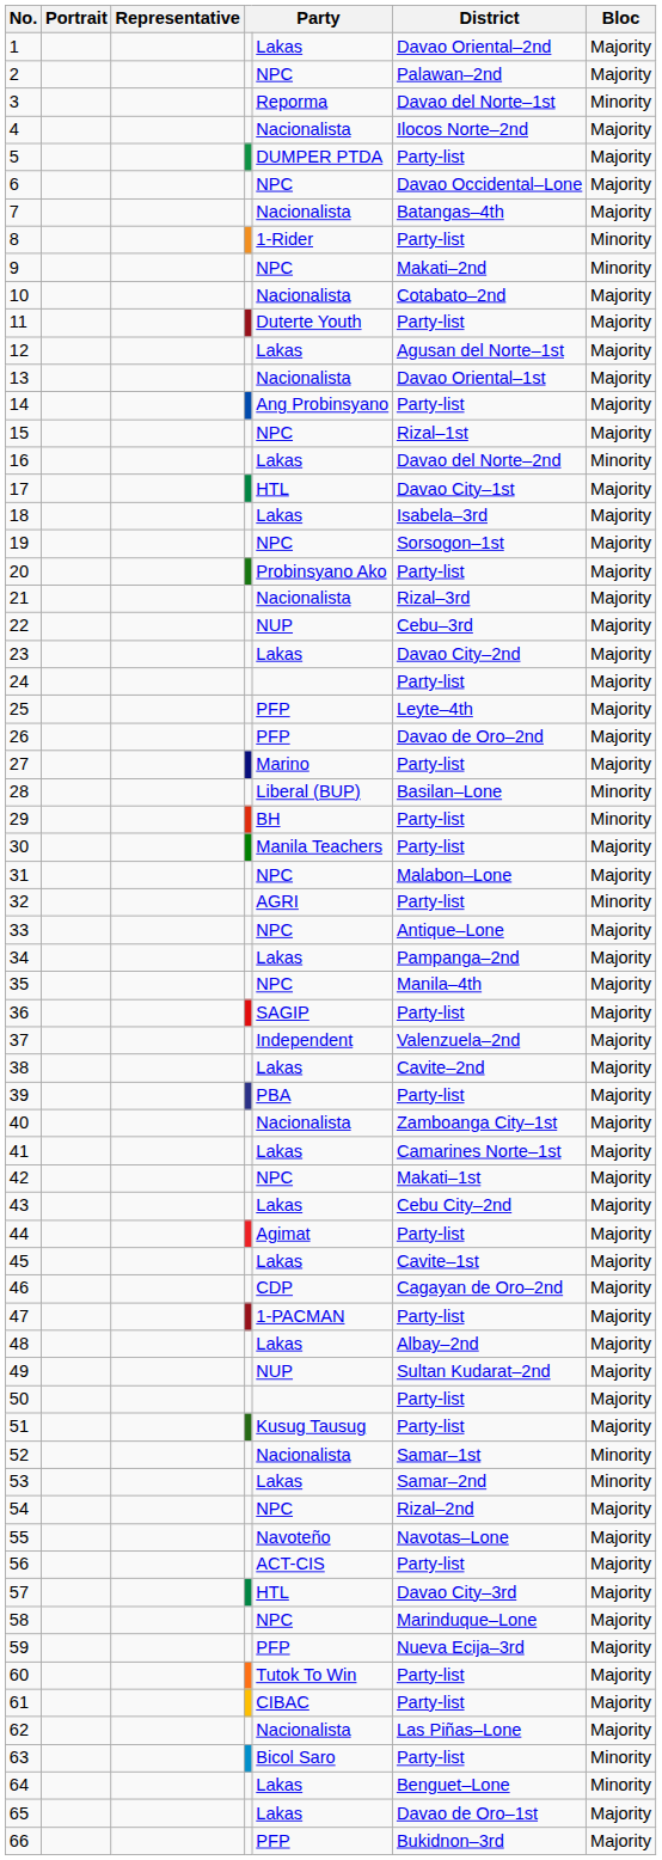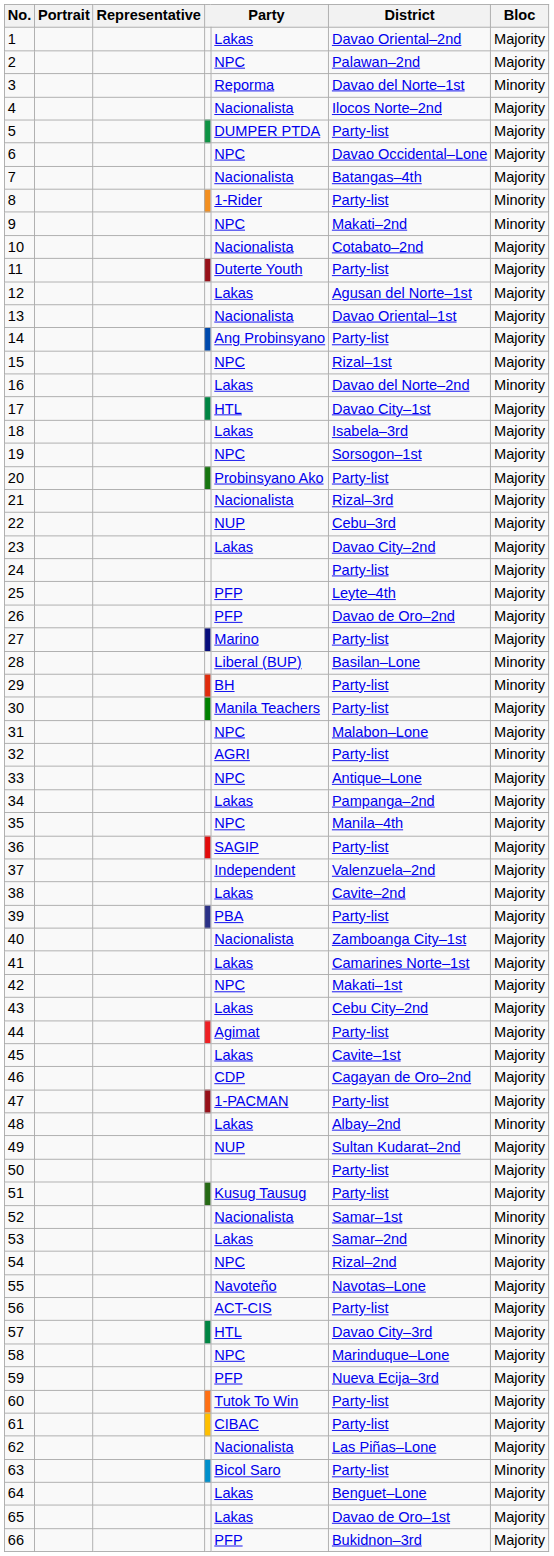 <table class="wikitable sortable mw-collapsible mw-collapsed">
 <tr>
 <th>No.</th>
 <th>Portrait</th>
 <th>Representative</th>
 <th colspan="2">Party</th>
 <th>District</th>
 <th>Bloc</th>
 </tr>
 <tr>
 <td>1</td>
 <td></td>
 <td></td>
 <td></td>
 <td><a href='#'>Lakas</a></td>
 <td><a href='#'>Davao Oriental–2nd</a></td>
 <td>Majority</td>
 </tr>
 <tr>
 <td>2</td>
 <td></td>
 <td></td>
 <td></td>
 <td><a href='#'>NPC</a></td>
 <td><a href='#'>Palawan–2nd</a></td>
 <td>Majority</td>
 </tr>
 <tr>
 <td>3</td>
 <td></td>
 <td></td>
 <td></td>
 <td><a href='#'>Reporma</a></td>
 <td><a href='#'>Davao del Norte–1st</a></td>
 <td>Minority</td>
 </tr>
 <tr>
 <td>4</td>
 <td></td>
 <td></td>
 <td></td>
 <td><a href='#'>Nacionalista</a></td>
 <td><a href='#'>Ilocos Norte–2nd</a></td>
 <td>Majority</td>
 </tr>
 <tr>
 <td>5</td>
 <td></td>
 <td></td>
 <td bgcolor="#0E9344"></td>
 <td><a href='#'>DUMPER PTDA</a></td>
 <td><a href='#'>Party-list</a></td>
 <td>Majority</td>
 </tr>
 <tr>
 <td>6</td>
 <td></td>
 <td></td>
 <td></td>
 <td><a href='#'>NPC</a></td>
 <td><a href='#'>Davao Occidental–Lone</a></td>
 <td>Majority</td>
 </tr>
 <tr>
 <td>7</td>
 <td></td>
 <td></td>
 <td></td>
 <td><a href='#'>Nacionalista</a></td>
 <td><a href='#'>Batangas–4th</a></td>
 <td>Majority</td>
 </tr>
 <tr>
 <td>8</td>
 <td></td>
 <td></td>
 <td bgcolor="#F38F1F"></td>
 <td><a href='#'>1-Rider</a></td>
 <td><a href='#'>Party-list</a></td>
 <td>Minority</td>
 </tr>
 <tr>
 <td>9</td>
 <td></td>
 <td></td>
 <td></td>
 <td><a href='#'>NPC</a></td>
 <td><a href='#'>Makati–2nd</a></td>
 <td>Minority</td>
 </tr>
 <tr>
 <td>10</td>
 <td></td>
 <td></td>
 <td></td>
 <td><a href='#'>Nacionalista</a></td>
 <td><a href='#'>Cotabato–2nd</a></td>
 <td>Majority</td>
 </tr>
 <tr>
 <td>11</td>
 <td></td>
 <td></td>
 <td bgcolor="#97111A"></td>
 <td><a href='#'>Duterte Youth</a></td>
 <td><a href='#'>Party-list</a></td>
 <td>Majority</td>
 </tr>
 <tr>
 <td>12</td>
 <td></td>
 <td></td>
 <td></td>
 <td><a href='#'>Lakas</a></td>
 <td><a href='#'>Agusan del Norte–1st</a></td>
 <td>Majority</td>
 </tr>
 <tr>
 <td>13</td>
 <td></td>
 <td></td>
 <td></td>
 <td><a href='#'>Nacionalista</a></td>
 <td><a href='#'>Davao Oriental–1st</a></td>
 <td>Majority</td>
 </tr>
 <tr>
 <td>14</td>
 <td></td>
 <td></td>
 <td bgcolor="#004aad"></td>
 <td><a href='#'>Ang Probinsyano</a></td>
 <td><a href='#'>Party-list</a></td>
 <td>Majority</td>
 </tr>
 <tr>
 <td>15</td>
 <td></td>
 <td></td>
 <td></td>
 <td><a href='#'>NPC</a></td>
 <td><a href='#'>Rizal–1st</a></td>
 <td>Majority</td>
 </tr>
 <tr>
 <td>16</td>
 <td></td>
 <td></td>
 <td></td>
 <td><a href='#'>Lakas</a></td>
 <td><a href='#'>Davao del Norte–2nd</a></td>
 <td>Minority</td>
 </tr>
 <tr>
 <td>17</td>
 <td></td>
 <td></td>
 <td bgcolor="#008543"></td>
 <td><a href='#'>HTL</a></td>
 <td><a href='#'>Davao City–1st</a></td>
 <td>Majority</td>
 </tr>
 <tr>
 <td>18</td>
 <td></td>
 <td></td>
 <td></td>
 <td><a href='#'>Lakas</a></td>
 <td><a href='#'>Isabela–3rd</a></td>
 <td>Majority</td>
 </tr>
 <tr>
 <td>19</td>
 <td></td>
 <td></td>
 <td></td>
 <td><a href='#'>NPC</a></td>
 <td><a href='#'>Sorsogon–1st</a></td>
 <td>Majority</td>
 </tr>
 <tr>
 <td>20</td>
 <td></td>
 <td></td>
 <td bgcolor="#177610"></td>
 <td><a href='#'>Probinsyano Ako</a></td>
 <td><a href='#'>Party-list</a></td>
 <td>Majority</td>
 </tr>
 <tr>
 <td>21</td>
 <td></td>
 <td></td>
 <td></td>
 <td><a href='#'>Nacionalista</a></td>
 <td><a href='#'>Rizal–3rd</a></td>
 <td>Majority</td>
 </tr>
 <tr>
 <td>22</td>
 <td></td>
 <td></td>
 <td></td>
 <td><a href='#'>NUP</a></td>
 <td><a href='#'>Cebu–3rd</a></td>
 <td>Majority</td>
 </tr>
 <tr>
 <td>23</td>
 <td></td>
 <td></td>
 <td></td>
 <td><a href='#'>Lakas</a></td>
 <td><a href='#'>Davao City–2nd</a></td>
 <td>Majority</td>
 </tr>
 <tr>
 <td>24</td>
 <td></td>
 <td></td>
 <td></td>
 <td></td>
 <td><a href='#'>Party-list</a></td>
 <td>Majority</td>
 </tr>
 <tr>
 <td>25</td>
 <td></td>
 <td></td>
 <td></td>
 <td><a href='#'>PFP</a></td>
 <td><a href='#'>Leyte–4th</a></td>
 <td>Majority</td>
 </tr>
 <tr>
 <td>26</td>
 <td></td>
 <td></td>
 <td></td>
 <td><a href='#'>PFP</a></td>
 <td><a href='#'>Davao de Oro–2nd</a></td>
 <td>Majority</td>
 </tr>
 <tr>
 <td>27</td>
 <td></td>
 <td></td>
 <td bgcolor="#080E7C"></td>
 <td><a href='#'>Marino</a></td>
 <td><a href='#'>Party-list</a></td>
 <td>Majority</td>
 </tr>
 <tr>
 <td>28</td>
 <td></td>
 <td></td>
 <td></td>
 <td><a href='#'>Liberal (BUP)</a></td>
 <td><a href='#'>Basilan–Lone</a></td>
 <td>Minority</td>
 </tr>
 <tr>
 <td>29</td>
 <td></td>
 <td></td>
 <td bgcolor="#E02C0D"></td>
 <td><a href='#'>BH</a></td>
 <td><a href='#'>Party-list</a></td>
 <td>Minority</td>
 </tr>
 <tr>
 <td>30</td>
 <td></td>
 <td></td>
 <td bgcolor="green"></td>
 <td><a href='#'>Manila Teachers</a></td>
 <td><a href='#'>Party-list</a></td>
 <td>Majority</td>
 </tr>
 <tr>
 <td>31</td>
 <td></td>
 <td></td>
 <td></td>
 <td><a href='#'>NPC</a></td>
 <td><a href='#'>Malabon–Lone</a></td>
 <td>Majority</td>
 </tr>
 <tr>
 <td>32</td>
 <td></td>
 <td></td>
 <td></td>
 <td><a href='#'>AGRI</a></td>
 <td><a href='#'>Party-list</a></td>
 <td>Minority</td>
 </tr>
 <tr>
 <td>33</td>
 <td></td>
 <td></td>
 <td></td>
 <td><a href='#'>NPC</a></td>
 <td><a href='#'>Antique–Lone</a></td>
 <td>Majority</td>
 </tr>
 <tr>
 <td>34</td>
 <td></td>
 <td></td>
 <td></td>
 <td><a href='#'>Lakas</a></td>
 <td><a href='#'>Pampanga–2nd</a></td>
 <td>Majority</td>
 </tr>
 <tr>
 <td>35</td>
 <td></td>
 <td></td>
 <td></td>
 <td><a href='#'>NPC</a></td>
 <td><a href='#'>Manila–4th</a></td>
 <td>Majority</td>
 </tr>
 <tr>
 <td>36</td>
 <td></td>
 <td></td>
 <td bgcolor="#E20C0C"></td>
 <td><a href='#'>SAGIP</a></td>
 <td><a href='#'>Party-list</a></td>
 <td>Majority</td>
 </tr>
 <tr>
 <td>37</td>
 <td></td>
 <td></td>
 <td></td>
 <td><a href='#'>Independent</a></td>
 <td><a href='#'>Valenzuela–2nd</a></td>
 <td>Majority</td>
 </tr>
 <tr>
 <td>38</td>
 <td></td>
 <td></td>
 <td></td>
 <td><a href='#'>Lakas</a></td>
 <td><a href='#'>Cavite–2nd</a></td>
 <td>Majority</td>
 </tr>
 <tr>
 <td>39</td>
 <td></td>
 <td></td>
 <td bgcolor="#2b3187"></td>
 <td><a href='#'>PBA</a></td>
 <td><a href='#'>Party-list</a></td>
 <td>Majority</td>
 </tr>
 <tr>
 <td>40</td>
 <td></td>
 <td></td>
 <td></td>
 <td><a href='#'>Nacionalista</a></td>
 <td><a href='#'>Zamboanga City–1st</a></td>
 <td>Majority</td>
 </tr>
 <tr>
 <td>41</td>
 <td></td>
 <td></td>
 <td></td>
 <td><a href='#'>Lakas</a></td>
 <td><a href='#'>Camarines Norte–1st</a></td>
 <td>Majority</td>
 </tr>
 <tr>
 <td>42</td>
 <td></td>
 <td></td>
 <td></td>
 <td><a href='#'>NPC</a></td>
 <td><a href='#'>Makati–1st</a></td>
 <td>Majority</td>
 </tr>
 <tr>
 <td>43</td>
 <td></td>
 <td></td>
 <td></td>
 <td><a href='#'>Lakas</a></td>
 <td><a href='#'>Cebu City–2nd</a></td>
 <td>Majority</td>
 </tr>
 <tr>
 <td>44</td>
 <td></td>
 <td></td>
 <td bgcolor="#EE2024"></td>
 <td><a href='#'>Agimat</a></td>
 <td><a href='#'>Party-list</a></td>
 <td>Majority</td>
 </tr>
 <tr>
 <td>45</td>
 <td></td>
 <td></td>
 <td></td>
 <td><a href='#'>Lakas</a></td>
 <td><a href='#'>Cavite–1st</a></td>
 <td>Majority</td>
 </tr>
 <tr>
 <td>46</td>
 <td></td>
 <td></td>
 <td></td>
 <td><a href='#'>CDP</a></td>
 <td><a href='#'>Cagayan de Oro–2nd</a></td>
 <td>Majority</td>
 </tr>
 <tr>
 <td>47</td>
 <td></td>
 <td></td>
 <td bgcolor="#97111A"></td>
 <td><a href='#'>1-PACMAN</a></td>
 <td><a href='#'>Party-list</a></td>
 <td>Majority</td>
 </tr>
 <tr>
 <td>48</td>
 <td></td>
 <td></td>
 <td></td>
 <td><a href='#'>Lakas</a></td>
 <td><a href='#'>Albay–2nd</a></td>
-<td>Majority</td>
+<td>Minority</td>
 </tr>
 <tr>
 <td>49</td>
 <td></td>
 <td></td>
 <td></td>
 <td><a href='#'>NUP</a></td>
 <td><a href='#'>Sultan Kudarat–2nd</a></td>
 <td>Majority</td>
 </tr>
 <tr>
 <td>50</td>
 <td></td>
 <td></td>
 <td></td>
 <td></td>
 <td><a href='#'>Party-list</a></td>
 <td>Majority</td>
 </tr>
 <tr>
 <td>51</td>
 <td></td>
 <td></td>
 <td bgcolor="#266A15"></td>
 <td><a href='#'>Kusug Tausug</a></td>
 <td><a href='#'>Party-list</a></td>
 <td>Majority</td>
 </tr>
 <tr>
 <td>52</td>
 <td></td>
 <td></td>
 <td></td>
 <td><a href='#'>Nacionalista</a></td>
 <td><a href='#'>Samar–1st</a></td>
 <td>Minority</td>
 </tr>
 <tr>
 <td>53</td>
 <td></td>
 <td></td>
 <td></td>
 <td><a href='#'>Lakas</a></td>
 <td><a href='#'>Samar–2nd</a></td>
 <td>Minority</td>
 </tr>
 <tr>
 <td>54</td>
 <td></td>
 <td></td>
 <td></td>
 <td><a href='#'>NPC</a></td>
 <td><a href='#'>Rizal–2nd</a></td>
 <td>Majority</td>
 </tr>
 <tr>
 <td>55</td>
 <td></td>
 <td></td>
 <td></td>
 <td><a href='#'>Navoteño</a></td>
 <td><a href='#'>Navotas–Lone</a></td>
 <td>Majority</td>
 </tr>
 <tr>
 <td>56</td>
 <td></td>
 <td></td>
 <td></td>
 <td><a href='#'>ACT-CIS</a></td>
 <td><a href='#'>Party-list</a></td>
 <td>Majority</td>
 </tr>
 <tr>
 <td>57</td>
 <td></td>
 <td></td>
 <td bgcolor="#008543"></td>
 <td><a href='#'>HTL</a></td>
 <td><a href='#'>Davao City–3rd</a></td>
 <td>Majority</td>
 </tr>
 <tr>
 <td>58</td>
 <td></td>
 <td></td>
 <td></td>
 <td><a href='#'>NPC</a></td>
 <td><a href='#'>Marinduque–Lone</a></td>
 <td>Majority</td>
 </tr>
 <tr>
 <td>59</td>
 <td></td>
 <td></td>
 <td></td>
 <td><a href='#'>PFP</a></td>
 <td><a href='#'>Nueva Ecija–3rd</a></td>
 <td>Majority</td>
 </tr>
 <tr>
 <td>60</td>
 <td></td>
 <td></td>
 <td bgcolor="#FF7014"></td>
 <td><a href='#'>Tutok To Win</a></td>
 <td><a href='#'>Party-list</a></td>
 <td>Majority</td>
 </tr>
 <tr>
 <td>61</td>
 <td></td>
 <td></td>
 <td bgcolor="#FFBF00"></td>
 <td><a href='#'>CIBAC</a></td>
 <td><a href='#'>Party-list</a></td>
 <td>Majority</td>
 </tr>
 <tr>
 <td>62</td>
 <td></td>
 <td></td>
 <td></td>
 <td><a href='#'>Nacionalista</a></td>
 <td><a href='#'>Las Piñas–Lone</a></td>
 <td>Majority</td>
 </tr>
 <tr>
 <td>63</td>
 <td></td>
 <td></td>
 <td bgcolor="#008FCB"></td>
 <td><a href='#'>Bicol Saro</a></td>
 <td><a href='#'>Party-list</a></td>
 <td>Minority</td>
 </tr>
 <tr>
 <td>64</td>
 <td></td>
 <td></td>
 <td></td>
 <td><a href='#'>Lakas</a></td>
 <td><a href='#'>Benguet–Lone</a></td>
-<td>Minority</td>
+<td>Majority</td>
 </tr>
 <tr>
 <td>65</td>
 <td></td>
 <td></td>
 <td></td>
 <td><a href='#'>Lakas</a></td>
 <td><a href='#'>Davao de Oro–1st</a></td>
 <td>Majority</td>
 </tr>
 <tr>
 <td>66</td>
 <td></td>
 <td></td>
 <td></td>
 <td><a href='#'>PFP</a></td>
 <td><a href='#'>Bukidnon–3rd</a></td>
 <td>Majority</td>
 </tr>
 </table>
